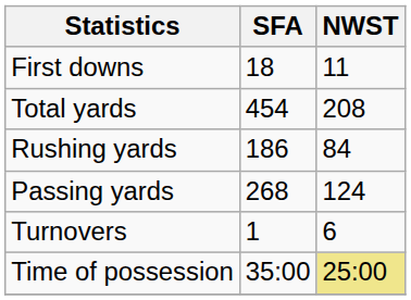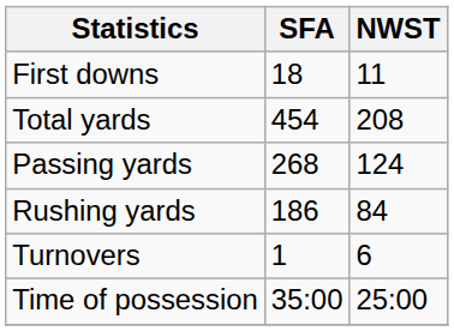 <table class="wikitable" style="float: left;">
 <tr>
 <th>Statistics</th>
 <th>SFA</th>
 <th>NWST</th>
 </tr>
 <tr>
 <td>First downs</td>
 <td>18</td>
 <td>11</td>
 </tr>
 <tr>
 <td>Total yards</td>
 <td>454</td>
 <td>208</td>
 </tr>
 <tr>
+<td>Passing yards</td>
+<td>268</td>
+<td>124</td>
+</tr>
+<tr>
 <td>Rushing yards</td>
 <td>186</td>
 <td>84</td>
-</tr>
-<tr>
-<td>Passing yards</td>
-<td>268</td>
-<td>124</td>
 </tr>
 <tr>
 <td>Turnovers</td>
 <td>1</td>
 <td>6</td>
 </tr>
 <tr>
 <td>Time of possession</td>
 <td>35:00</td>
-<td style="background: khaki;">25:00</td>
+<td>25:00</td>
 </tr>
 <tr>
 </tr>
 </table>
